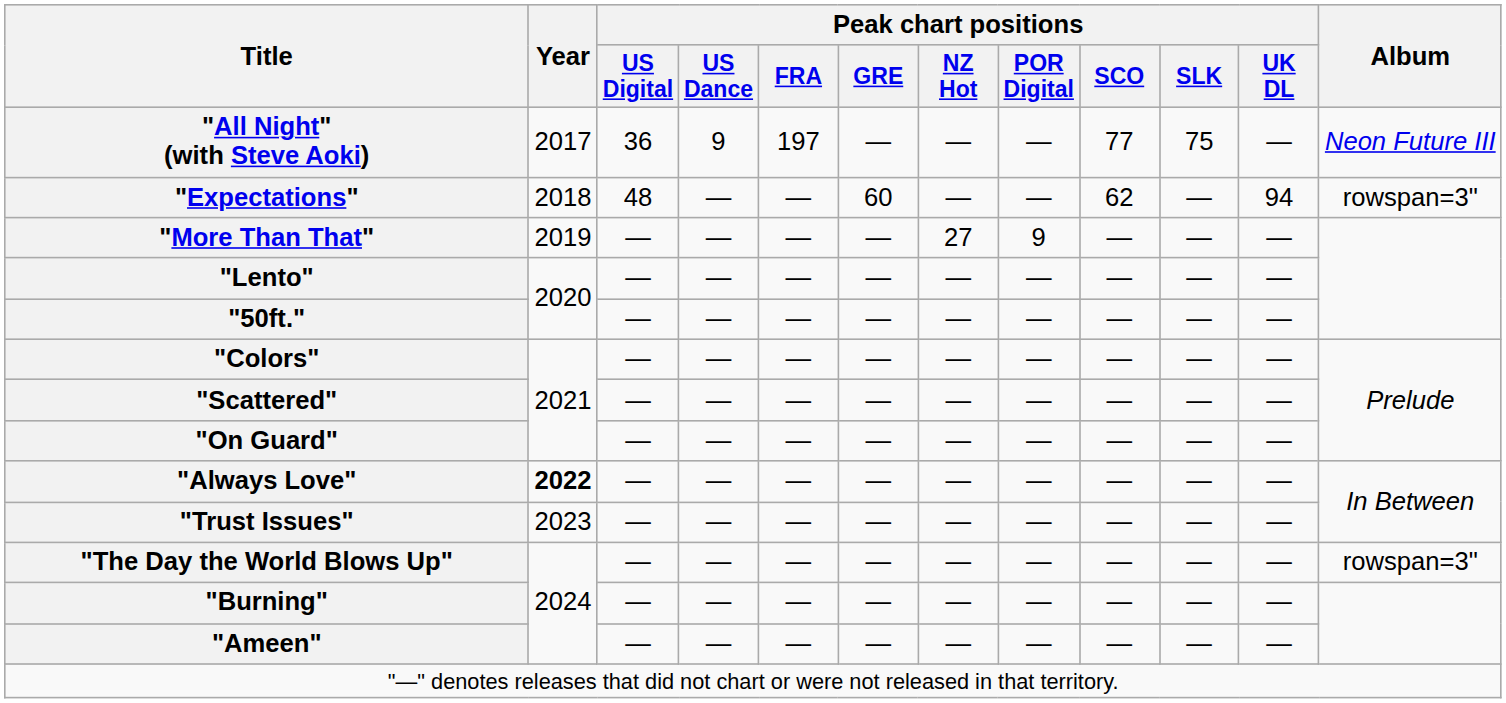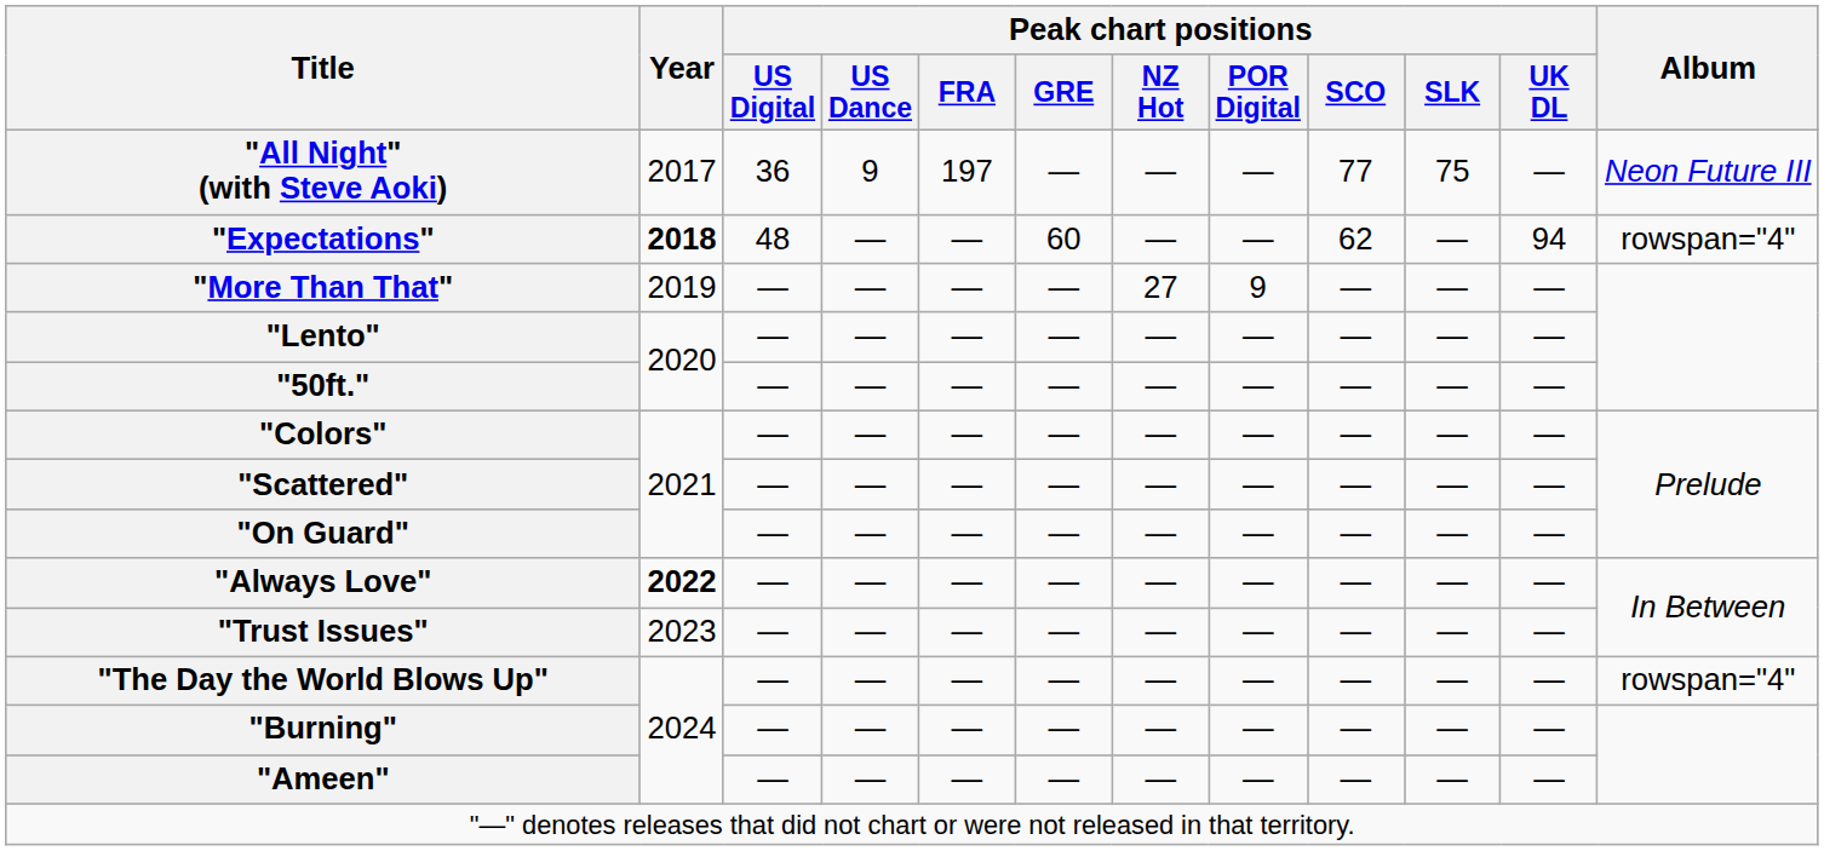 <table class="wikitable plainrowheaders" border="1" style="text-align:center;">
 <tr>
 <th scope="col" rowspan="2" style="width:20em;">Title</th>
 <th scope="col" rowspan="2">Year</th>
 <th scope="col" colspan="9">Peak chart positions</th>
 <th scope="col" rowspan="2">Album</th>
 </tr>
 <tr>
 <th scope="col" style="width:3em;font-size:90%;"><a href='#'>US<br>Digital</a><br></th>
 <th scope="col" style="width:3em;font-size:90%;"><a href='#'>US</a><br><a href='#'>Dance</a><br></th>
 <th scope="col" style="width:3em;font-size:90%;"><a href='#'>FRA</a><br></th>
 <th scope="col" style="width:3em;font-size:90%;"><a href='#'>GRE</a><br></th>
 <th scope="col" style="width:3em;font-size:90%;"><a href='#'>NZ<br>Hot</a><br></th>
 <th scope="col" style="width:3em;font-size:90%;"><a href='#'>POR Digital</a><br></th>
 <th scope="col" style="width:3em;font-size:90%;"><a href='#'>SCO</a><br></th>
 <th scope="col" style="width:3em;font-size:90%;"><a href='#'>SLK</a><br></th>
 <th scope="col" style="width:3em;font-size:90%;"><a href='#'>UK DL</a><br></th>
 </tr>
 <tr>
 <th scope="row">"<a href='#'>All Night</a>"<br><span>(with <a href='#'>Steve Aoki</a>)</span></th>
 <td>2017</td>
 <td>36</td>
 <td>9</td>
 <td>197</td>
 <td>—</td>
 <td>—</td>
 <td>—</td>
 <td>77</td>
 <td>75</td>
 <td>—</td>
 <td><em><a href='#'>Neon Future III</a></em></td>
 </tr>
 <tr>
 <th scope="row">"<a href='#'>Expectations</a>"</th>
-<td>2018</td>
+<td><strong>2018</strong></td>
 <td>48</td>
 <td>—</td>
 <td>—</td>
 <td>60</td>
 <td>—</td>
 <td>—</td>
 <td>62</td>
 <td>—</td>
 <td>94</td>
-<td>rowspan=3" </td>
+<td>rowspan="4" </td>
 </tr>
 <tr>
 <th scope="row">"<a href='#'>More Than That</a>"</th>
 <td>2019</td>
 <td>—</td>
 <td>—</td>
 <td>—</td>
 <td>—</td>
 <td>27</td>
 <td>9</td>
 <td>—</td>
 <td>—</td>
 <td>—</td>
 </tr>
 <tr>
 <th scope="row">"Lento"<br></th>
 <td rowspan="2">2020</td>
 <td>—</td>
 <td>—</td>
 <td>—</td>
 <td>—</td>
 <td>—</td>
 <td>—</td>
 <td>—</td>
 <td>—</td>
 <td>—</td>
 </tr>
 <tr>
 <th scope="row">"50ft."</th>
 <td>—</td>
 <td>—</td>
 <td>—</td>
 <td>—</td>
 <td>—</td>
 <td>—</td>
 <td>—</td>
 <td>—</td>
 <td>—</td>
 </tr>
 <tr>
 <th scope="row">"Colors"</th>
 <td rowspan="3">2021</td>
 <td>—</td>
 <td>—</td>
 <td>—</td>
 <td>—</td>
 <td>—</td>
 <td>—</td>
 <td>—</td>
 <td>—</td>
 <td>—</td>
 <td rowspan="3"><em>Prelude</em></td>
 </tr>
 <tr>
 <th scope="row">"Scattered"<br></th>
 <td>—</td>
 <td>—</td>
 <td>—</td>
 <td>—</td>
 <td>—</td>
 <td>—</td>
 <td>—</td>
 <td>—</td>
 <td>—</td>
 </tr>
 <tr>
 <th scope="row">"On Guard"<br></th>
 <td>—</td>
 <td>—</td>
 <td>—</td>
 <td>—</td>
 <td>—</td>
 <td>—</td>
 <td>—</td>
 <td>—</td>
 <td>—</td>
 </tr>
 <tr>
 <th scope="row">"Always Love"</th>
 <td><strong>2022</strong></td>
 <td>—</td>
 <td>—</td>
 <td>—</td>
 <td>—</td>
 <td>—</td>
 <td>—</td>
 <td>—</td>
 <td>—</td>
 <td>—</td>
 <td rowspan="2"><em>In Between</em></td>
 </tr>
 <tr>
 <th scope="row">"Trust Issues"</th>
 <td>2023</td>
 <td>—</td>
 <td>—</td>
 <td>—</td>
 <td>—</td>
 <td>—</td>
 <td>—</td>
 <td>—</td>
 <td>—</td>
 <td>—</td>
 </tr>
 <tr>
 <th scope="row">"The Day the World Blows Up"</th>
 <td rowspan="3">2024</td>
 <td>—</td>
 <td>—</td>
 <td>—</td>
 <td>—</td>
 <td>—</td>
 <td>—</td>
 <td>—</td>
 <td>—</td>
 <td>—</td>
-<td>rowspan=3" </td>
+<td>rowspan="4" </td>
 </tr>
 <tr>
 <th scope="row">"Burning"</th>
 <td>—</td>
 <td>—</td>
 <td>—</td>
 <td>—</td>
 <td>—</td>
 <td>—</td>
 <td>—</td>
 <td>—</td>
 <td>—</td>
 </tr>
 <tr>
 <th scope="row">"Ameen"<br></th>
 <td>—</td>
 <td>—</td>
 <td>—</td>
 <td>—</td>
 <td>—</td>
 <td>—</td>
 <td>—</td>
 <td>—</td>
 <td>—</td>
 </tr>
 <tr>
 <td colspan="13" style="font-size:85%">"—" denotes releases that did not chart or were not released in that territory.</td>
 </tr>
 </table>
